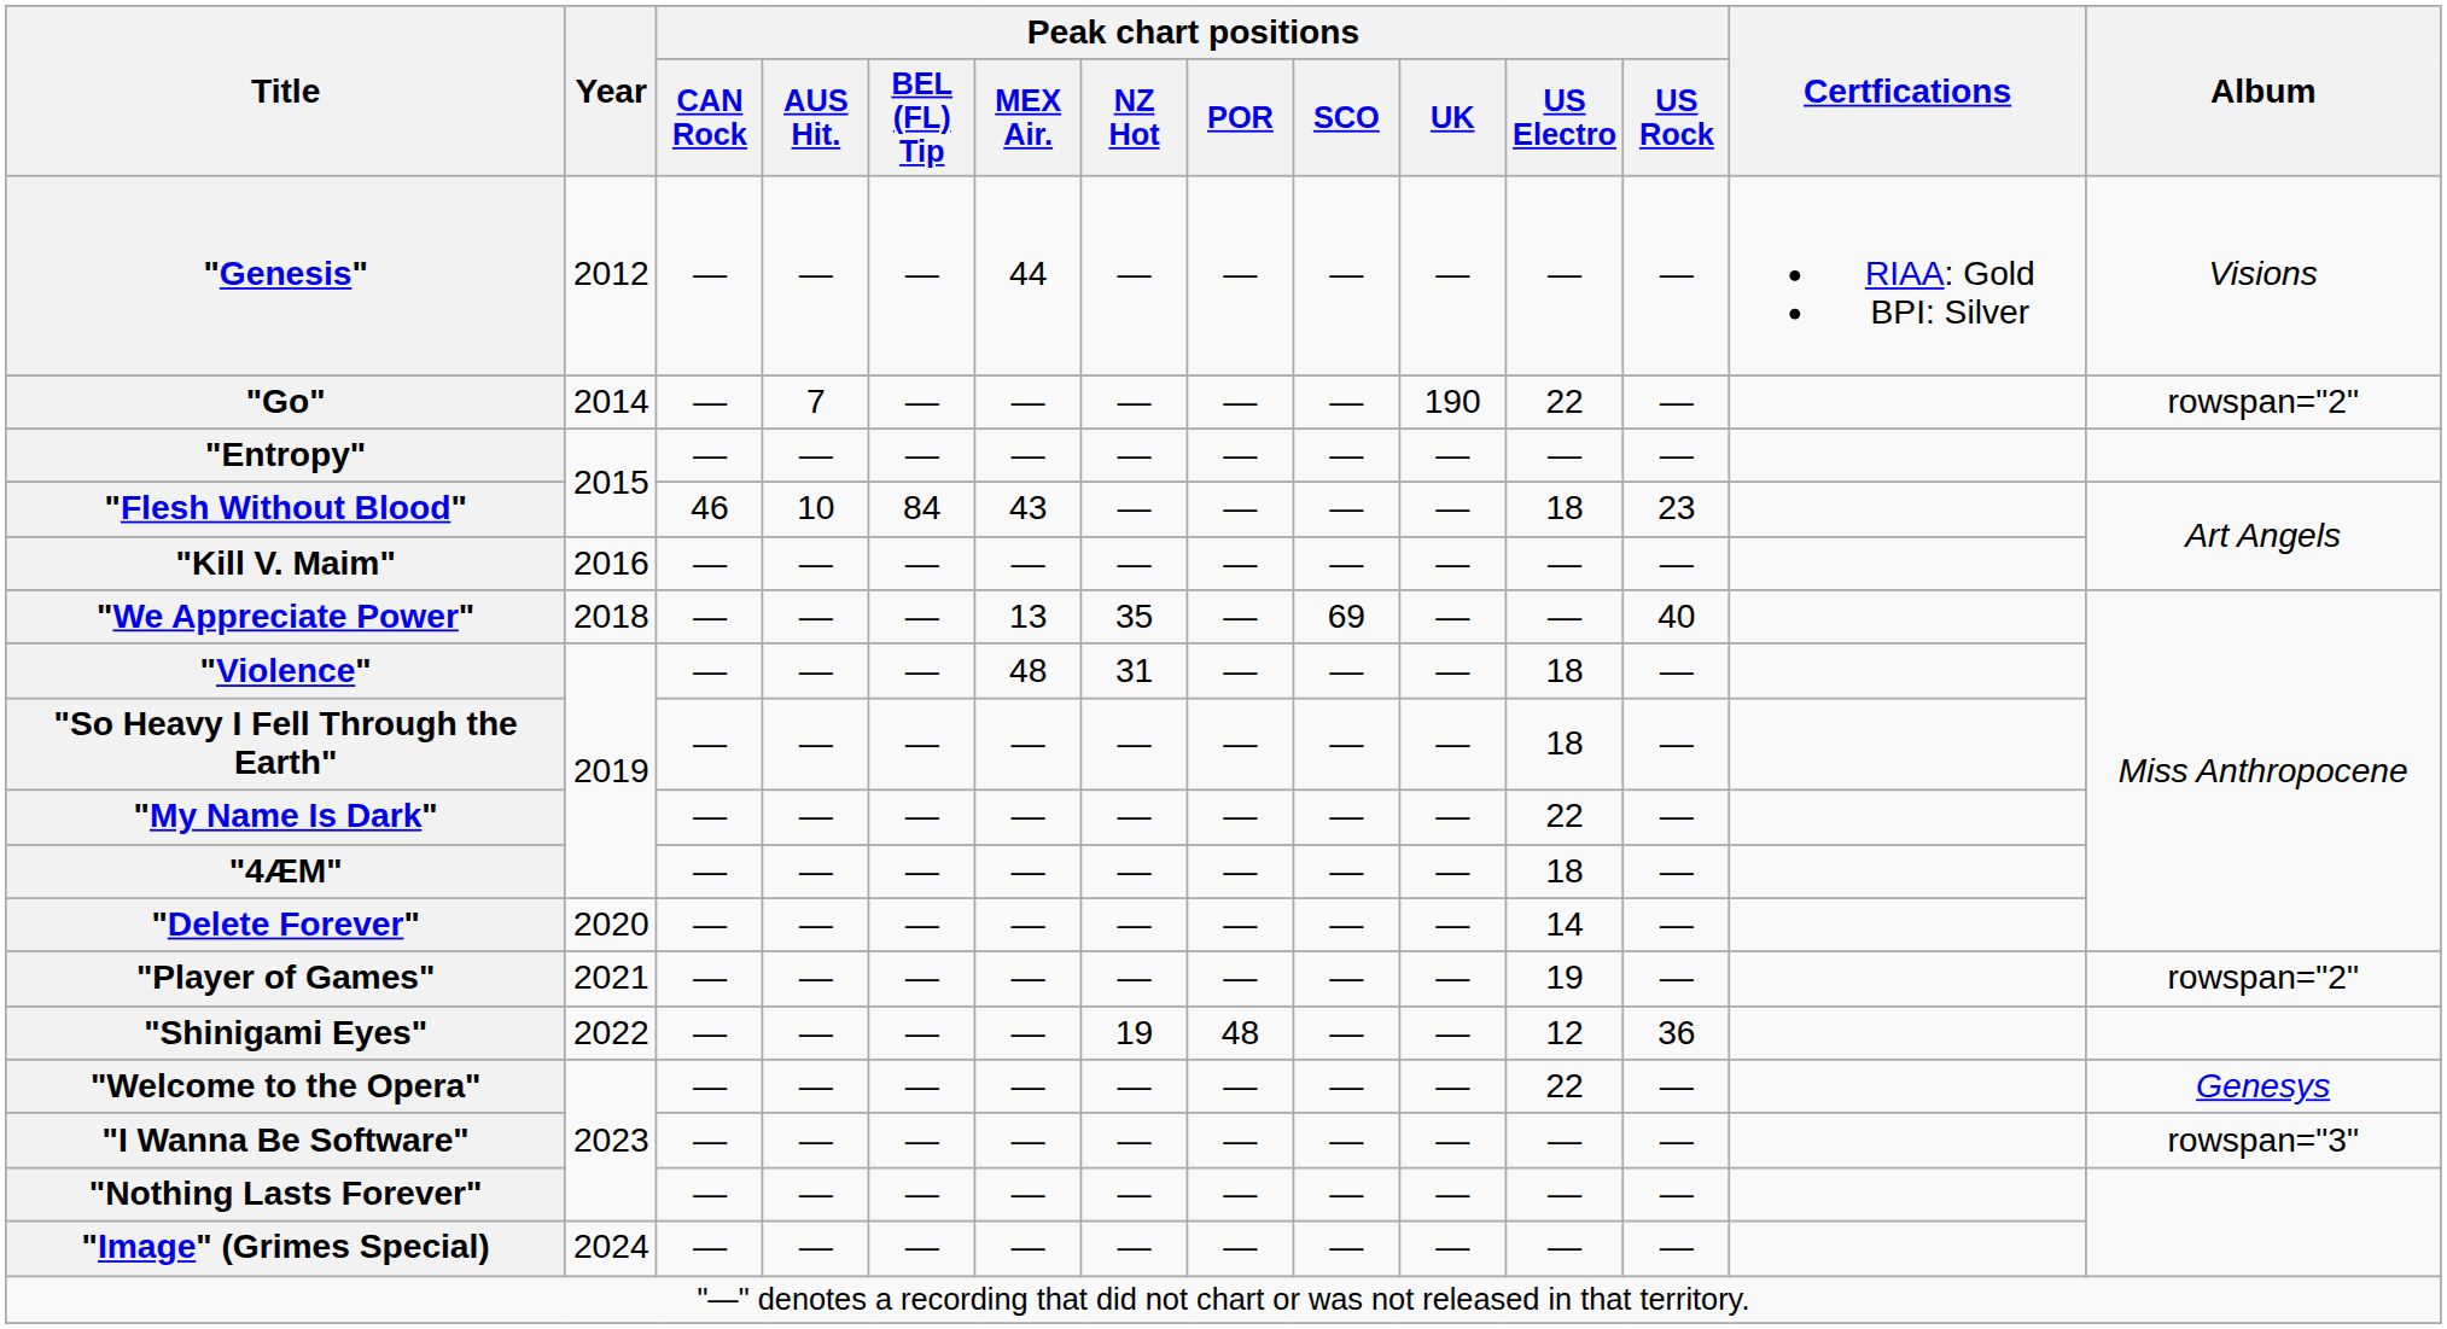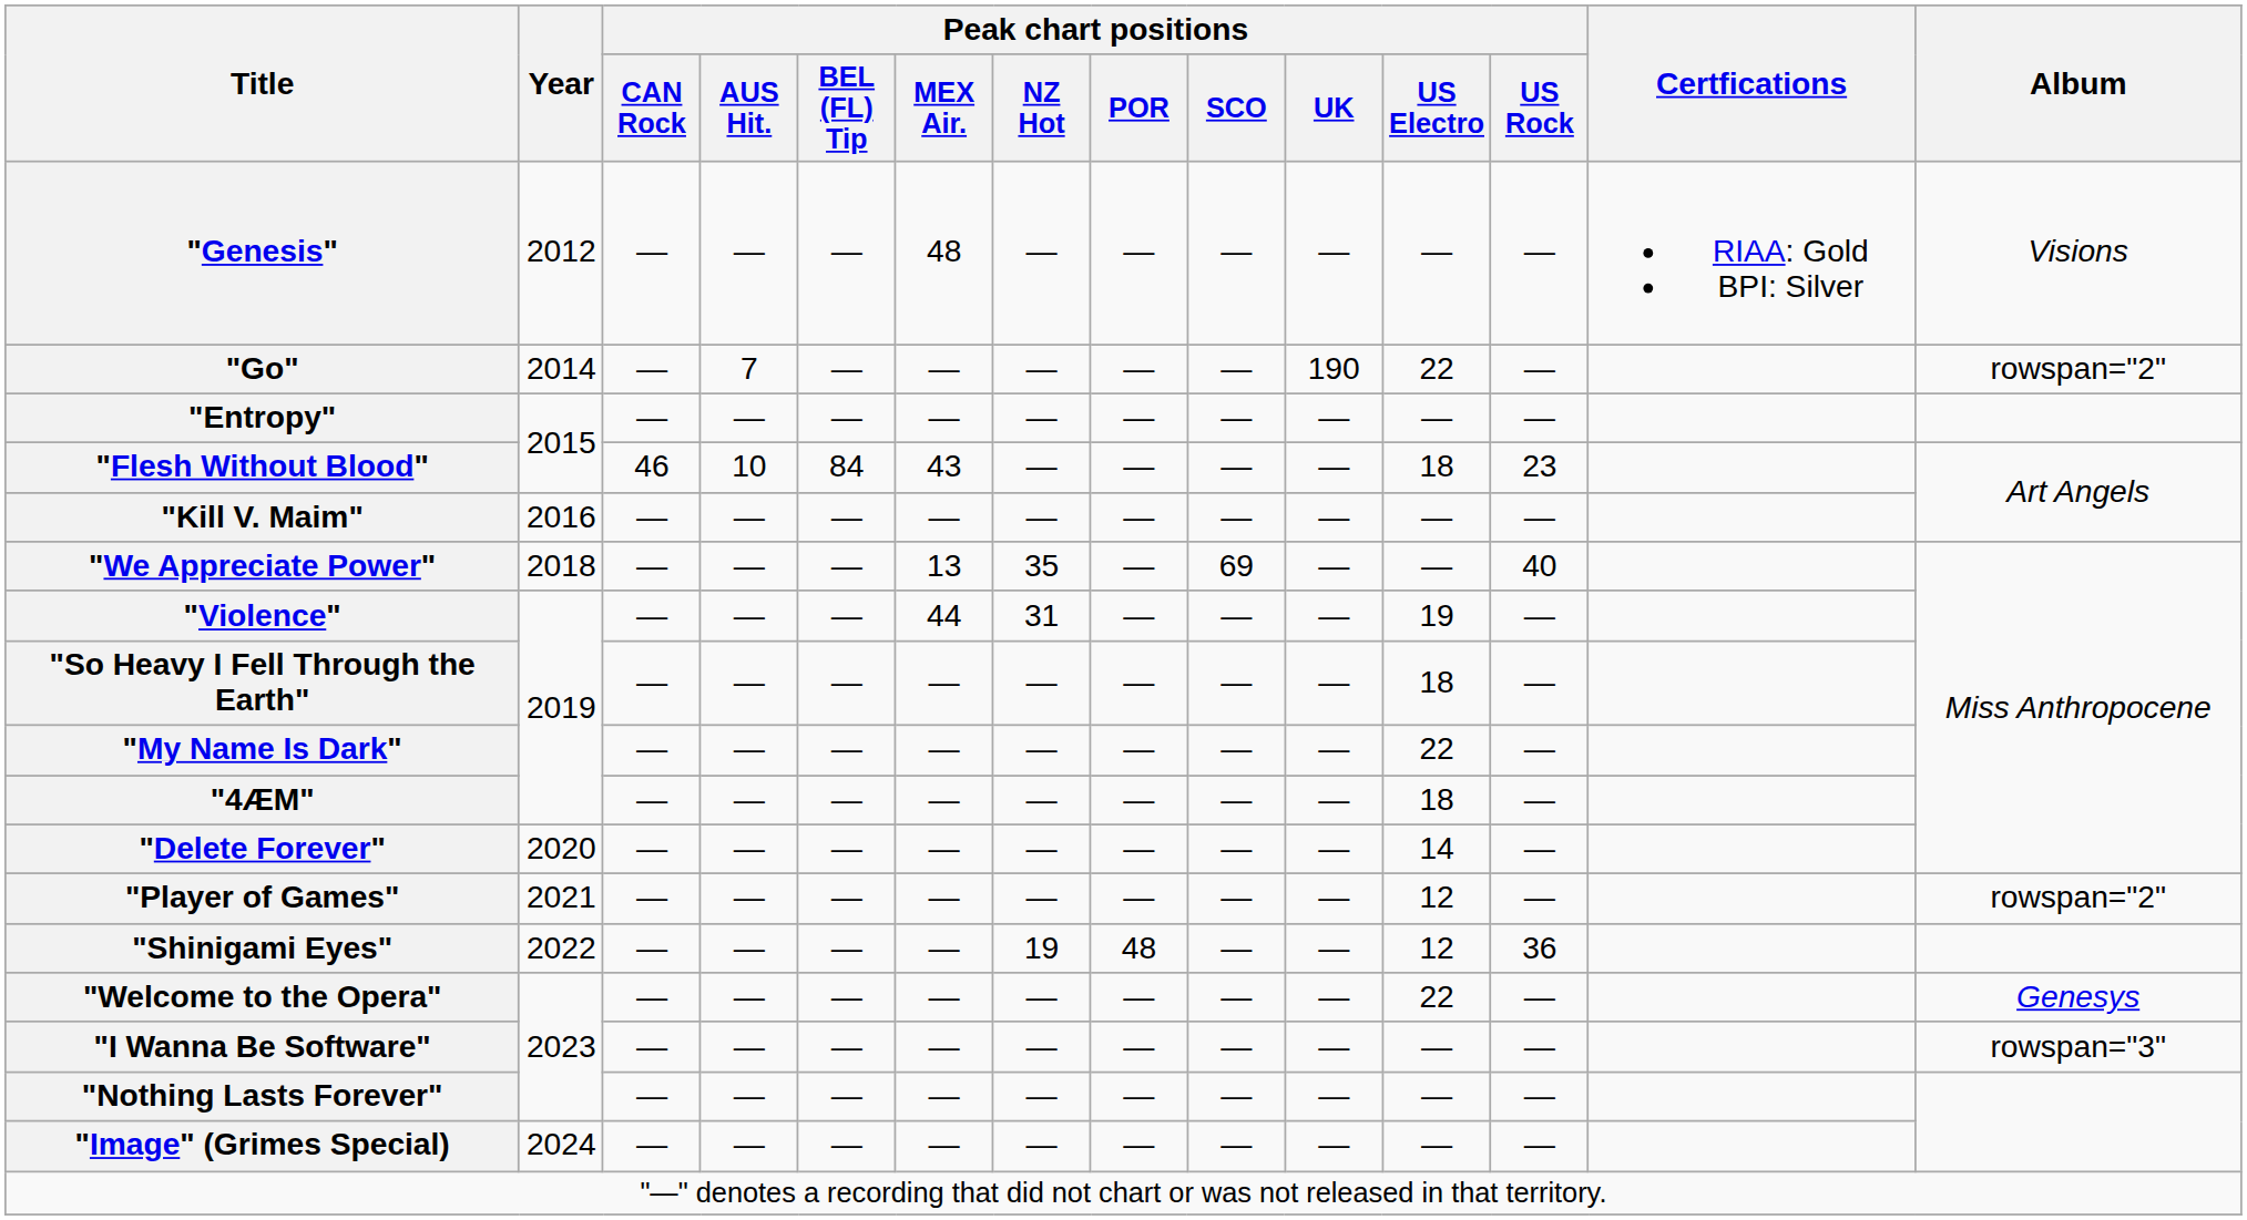 <table class="wikitable plainrowheaders" style="text-align:center">
 <tr>
 <th scope="col" rowspan="2" style="width:16em;">Title</th>
 <th scope="col" rowspan="2" style="width:1em;">Year</th>
 <th scope="col" colspan="10">Peak chart positions</th>
 <th scope="col" rowspan="2" style="width:10em;"><a href='#'>Certfications</a></th>
 <th scope="col" rowspan="2" style="width:10em;">Album</th>
 </tr>
 <tr>
 <th scope="col" style="width:3em;font-size:90%;"><a href='#'>CAN<br>Rock</a><br></th>
 <th scope="col" style="width:3em;font-size:90%;"><a href='#'>AUS<br>Hit.</a><br></th>
 <th scope="col" style="width:3em;font-size:90%;"><a href='#'>BEL<br>(FL)<br>Tip</a><br></th>
 <th scope="col" style="width:3em;font-size:90%;"><a href='#'>MEX<br>Air.</a><br></th>
 <th scope="col" style="width:3em;font-size:90%;"><a href='#'>NZ<br>Hot</a><br></th>
 <th scope="col" style="width:3em;font-size:90%;"><a href='#'>POR</a><br></th>
 <th scope="col" style="width:3em;font-size:90%;"><a href='#'>SCO</a><br></th>
 <th scope="col" style="width:3em;font-size:90%;"><a href='#'>UK</a><br></th>
 <th scope="col" style="width:3em;font-size:90%;"><a href='#'>US<br>Electro</a><br></th>
 <th scope="col" style="width:3em;font-size:90%;"><a href='#'>US<br>Rock</a><br></th>
 </tr>
 <tr>
 <th scope="row">"<a href='#'>Genesis</a>"</th>
 <td>2012</td>
 <td>—</td>
 <td>—</td>
 <td>—</td>
-<td>44</td>
+<td>48</td>
 <td>—</td>
 <td>—</td>
 <td>—</td>
 <td>—</td>
 <td>—</td>
 <td>—</td>
 <td><br><ul><li><a href='#'>RIAA</a>: Gold</li><li>BPI: Silver</li></ul></td>
 <td><em>Visions</em></td>
 </tr>
 <tr>
 <th scope="row">"Go" <br> </th>
 <td>2014</td>
 <td>—</td>
 <td>7</td>
 <td>—</td>
 <td>—</td>
 <td>—</td>
 <td>—</td>
 <td>—</td>
 <td>190</td>
 <td>22</td>
 <td>—</td>
 <td></td>
 <td>rowspan="2" </td>
 </tr>
 <tr>
 <th scope="row">"Entropy" <br> </th>
 <td rowspan="2">2015</td>
 <td>—</td>
 <td>—</td>
 <td>—</td>
 <td>—</td>
 <td>—</td>
 <td>—</td>
 <td>—</td>
 <td>—</td>
 <td>—</td>
 <td>—</td>
 <td></td>
 </tr>
 <tr>
 <th scope="row">"<a href='#'>Flesh Without Blood</a>"</th>
 <td>46</td>
 <td>10</td>
 <td>84</td>
 <td>43</td>
 <td>—</td>
 <td>—</td>
 <td>—</td>
 <td>—</td>
 <td>18</td>
 <td>23</td>
 <td></td>
 <td rowspan="2"><em>Art Angels</em></td>
 </tr>
 <tr>
 <th scope="row">"Kill V. Maim"</th>
 <td>2016</td>
 <td>—</td>
 <td>—</td>
 <td>—</td>
 <td>—</td>
 <td>—</td>
 <td>—</td>
 <td>—</td>
 <td>—</td>
 <td>—</td>
 <td>—</td>
 <td></td>
 </tr>
 <tr>
 <th scope="row">"<a href='#'>We Appreciate Power</a>" <br> </th>
 <td>2018</td>
 <td>—</td>
 <td>—</td>
 <td>—</td>
 <td>13</td>
 <td>35</td>
 <td>—</td>
 <td>69</td>
 <td>—</td>
 <td>—</td>
 <td>40</td>
 <td></td>
 <td rowspan="6"><em>Miss Anthropocene</em></td>
 </tr>
 <tr>
 <th scope="row">"<a href='#'>Violence</a>" <br> </th>
 <td rowspan="4">2019</td>
 <td>—</td>
 <td>—</td>
 <td>—</td>
-<td>48</td>
+<td>44</td>
 <td>31</td>
 <td>—</td>
 <td>—</td>
 <td>—</td>
-<td>18</td>
+<td>19</td>
 <td>—</td>
 <td></td>
 </tr>
 <tr>
 <th scope="row">"So Heavy I Fell Through the Earth"</th>
 <td>—</td>
 <td>—</td>
 <td>—</td>
 <td>—</td>
 <td>—</td>
 <td>—</td>
 <td>—</td>
 <td>—</td>
 <td>18</td>
 <td>—</td>
 <td></td>
 </tr>
 <tr>
 <th scope="row">"<a href='#'>My Name Is Dark</a>"</th>
 <td>—</td>
 <td>—</td>
 <td>—</td>
 <td>—</td>
 <td>—</td>
 <td>—</td>
 <td>—</td>
 <td>—</td>
 <td>22</td>
 <td>—</td>
 <td></td>
 </tr>
 <tr>
 <th scope="row">"4ÆM"</th>
 <td>—</td>
 <td>—</td>
 <td>—</td>
 <td>—</td>
 <td>—</td>
 <td>—</td>
 <td>—</td>
 <td>—</td>
 <td>18</td>
 <td>—</td>
 <td></td>
 </tr>
 <tr>
 <th scope="row">"<a href='#'>Delete Forever</a>"</th>
 <td>2020</td>
 <td>—</td>
 <td>—</td>
 <td>—</td>
 <td>—</td>
 <td>—</td>
 <td>—</td>
 <td>—</td>
 <td>—</td>
 <td>14</td>
 <td>—</td>
 <td></td>
 </tr>
 <tr>
 <th scope="row">"Player of Games"</th>
 <td>2021</td>
 <td>—</td>
 <td>—</td>
 <td>—</td>
 <td>—</td>
 <td>—</td>
 <td>—</td>
 <td>—</td>
 <td>—</td>
-<td>19</td>
+<td>12</td>
 <td>—</td>
 <td></td>
 <td>rowspan="2" </td>
 </tr>
 <tr>
 <th scope="row">"Shinigami Eyes"</th>
 <td>2022</td>
 <td>—</td>
 <td>—</td>
 <td>—</td>
 <td>—</td>
 <td>19</td>
 <td>48</td>
 <td>—</td>
 <td>—</td>
 <td>12</td>
 <td>36</td>
 <td></td>
 </tr>
 <tr>
 <th scope="row">"Welcome to the Opera" <br> </th>
 <td rowspan="3">2023</td>
 <td>—</td>
 <td>—</td>
 <td>—</td>
 <td>—</td>
 <td>—</td>
 <td>—</td>
 <td>—</td>
 <td>—</td>
 <td>22</td>
 <td>—</td>
 <td></td>
 <td><em><a href='#'>Genesys</a></em></td>
 </tr>
 <tr>
 <th scope="row">"I Wanna Be Software" <br> </th>
 <td>—</td>
 <td>—</td>
 <td>—</td>
 <td>—</td>
 <td>—</td>
 <td>—</td>
 <td>—</td>
 <td>—</td>
 <td>—</td>
 <td>—</td>
 <td></td>
 <td>rowspan="3" </td>
 </tr>
 <tr>
 <th scope="row">"Nothing Lasts Forever" <br> </th>
 <td>—</td>
 <td>—</td>
 <td>—</td>
 <td>—</td>
 <td>—</td>
 <td>—</td>
 <td>—</td>
 <td>—</td>
 <td>—</td>
 <td>—</td>
 <td></td>
 </tr>
 <tr>
 <th scope="row">"<a href='#'>Image</a>" (Grimes Special) <br> </th>
 <td>2024</td>
 <td>—</td>
 <td>—</td>
 <td>—</td>
 <td>—</td>
 <td>—</td>
 <td>—</td>
 <td>—</td>
 <td>—</td>
 <td>—</td>
 <td>—</td>
 <td></td>
 </tr>
 <tr>
 <td colspan="17" style="font-size:90%">"—" denotes a recording that did not chart or was not released in that territory.</td>
 </tr>
 </table>
